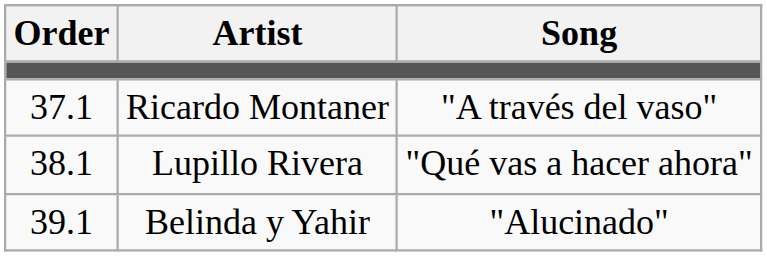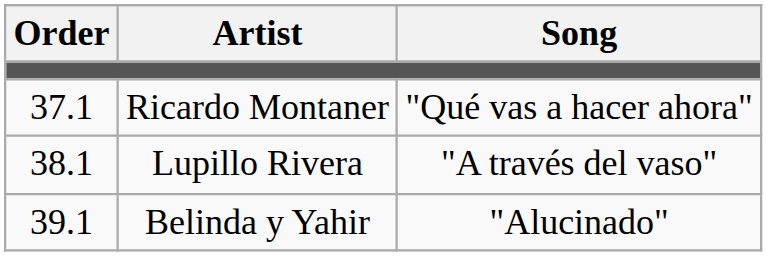 <table class="wikitable" style="text-align:center;">
 <tr>
 </tr>
 <tr>
 <th>Order</th>
 <th>Artist</th>
 <th>Song</th>
 </tr>
 <tr>
 <td colspan="3" style="background:#555;"></td>
 </tr>
 <tr>
 <td>37.1</td>
 <td>Ricardo Montaner</td>
-<td>"A través del vaso"</td>
+<td>"Qué vas a hacer ahora"</td>
 </tr>
 <tr>
 <td>38.1</td>
 <td>Lupillo Rivera</td>
-<td>"Qué vas a hacer ahora"</td>
+<td>"A través del vaso"</td>
 </tr>
 <tr>
 <td>39.1</td>
 <td>Belinda y Yahir</td>
 <td>"Alucinado"</td>
 </tr>
 </table>
